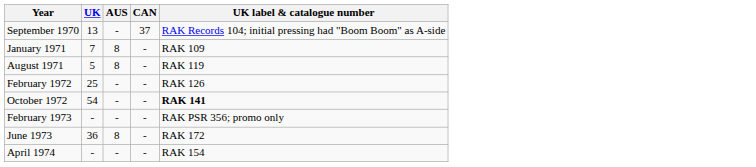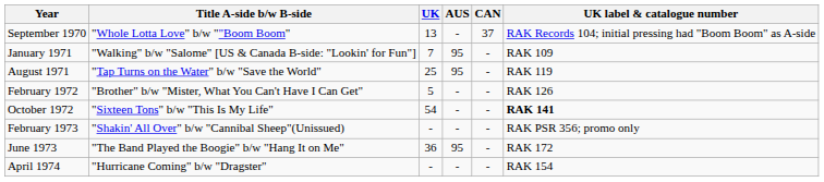 <table class="wikitable">
 <tr>
 <th align="left" valign="center">Year</th>
+<th align="left" valign="center">Title A-side b/w B-side</th>
 <th align="left" valign="center"><a href='#'>UK</a></th>
 <th align="left" valign="center">AUS</th>
 <th align="left" valign="center">CAN</th>
 <th align="left" valign="center">UK label & catalogue number</th>
 </tr>
 <tr>
 <td align="left" valign="center">September 1970</td>
+<td align="left" valign="center">"<a href='#'>Whole Lotta Love</a>" b/w "<a href='#'>"Boom Boom</a>"</td>
 <td align="center" valign="center">13</td>
 <td align="center" valign="center">-</td>
 <td align="center" valign="center">37</td>
 <td><a href='#'>RAK Records</a> 104; initial pressing had "Boom Boom" as A-side</td>
 </tr>
 <tr>
 <td align="left" valign="center">January 1971</td>
+<td align="left" valign="center">"Walking" b/w "Salome" [US & Canada B-side: "Lookin' for Fun"]</td>
 <td align="center" valign="center">7</td>
-<td align="center" valign="center">8</td>
+<td align="center" valign="center">95</td>
 <td align="center" valign="center">-</td>
 <td>RAK 109</td>
 </tr>
 <tr>
 <td align="left" valign="center">August 1971</td>
-<td align="center" valign="center">5</td>
-<td align="center" valign="center">8</td>
+<td align="left" valign="center">"<a href='#'>Tap Turns on the Water</a>" b/w "Save the World"</td>
+<td align="center" valign="center">25</td>
+<td align="center" valign="center">95</td>
 <td align="center" valign="center">-</td>
 <td>RAK 119</td>
 </tr>
 <tr>
 <td align="left" valign="center">February 1972</td>
-<td align="center" valign="center">25</td>
+<td align="left" valign="center">"Brother" b/w "Mister, What You Can't Have I Can Get"</td>
+<td align="center" valign="center">5</td>
 <td align="center" valign="center">-</td>
 <td align="center" valign="center">-</td>
 <td>RAK 126</td>
 </tr>
 <tr>
 <td align="left" valign="center">October 1972</td>
+<td align="left" valign="center">"<a href='#'>Sixteen Tons</a>" b/w "This Is My Life"</td>
 <td align="center" valign="center">54</td>
 <td align="center" valign="center">-</td>
 <td align="center" valign="center">-</td>
 <td><strong>RAK 141</strong></td>
 </tr>
 <tr>
 <td align="left" valign="center">February 1973</td>
+<td align="left" valign="center">"<a href='#'>Shakin' All Over</a>" b/w "Cannibal Sheep"(Unissued)</td>
 <td align="center" valign="center">-</td>
 <td align="center" valign="center">-</td>
 <td align="center" valign="center">-</td>
 <td>RAK PSR 356; promo only</td>
 </tr>
 <tr>
 <td align="left" valign="center">June 1973</td>
+<td align="left" valign="center">"The Band Played the Boogie" b/w "Hang It on Me"</td>
 <td align="center" valign="center">36</td>
-<td align="center" valign="center">8</td>
+<td align="center" valign="center">95</td>
 <td align="center" valign="center">-</td>
 <td>RAK 172</td>
 </tr>
 <tr>
 <td align="left" valign="center">April 1974</td>
+<td align="left" valign="center">"Hurricane Coming" b/w "Dragster"</td>
 <td align="center" valign="center">-</td>
 <td align="center" valign="center">-</td>
 <td align="center" valign="center">-</td>
 <td>RAK 154</td>
 </tr>
 </table>
